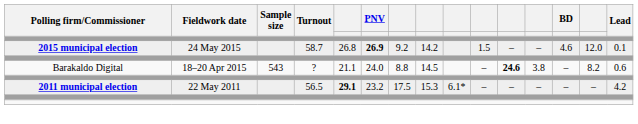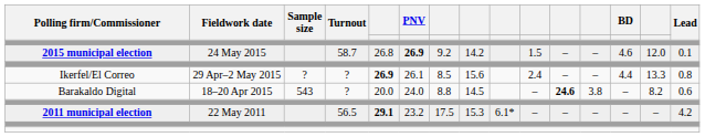 <table class="wikitable collapsible collapsed" style="text-align:center; font-size:95%; line-height:16px;">
 <tr style="height:42px;">
 <th style="width:250px;" rowspan="2">Polling firm/Commissioner</th>
 <th style="width:125px;" rowspan="2">Fieldwork date</th>
 <th style="width:50px;" rowspan="2">Sample size</th>
 <th style="width:45px;" rowspan="2">Turnout</th>
 <th style="width:35px;"></th>
 <th style="width:35px;"><a href='#'>PNV</a></th>
 <th style="width:35px;"></th>
 <th style="width:35px;"></th>
 <th style="width:35px;"></th>
 <th style="width:35px;"></th>
 <th style="width:35px;"></th>
 <th style="width:35px;"></th>
 <th style="width:35px;">BD</th>
 <th style="width:35px;"></th>
 <th style="width:30px;" rowspan="2">Lead</th>
 </tr>
 <tr>
 <th style="color:inherit;background:"></th>
 <th style="color:inherit;background:"></th>
 <th style="color:inherit;background:"></th>
 <th style="color:inherit;background:"></th>
 <th style="color:inherit;background:"></th>
 <th style="color:inherit;background:"></th>
 <th style="color:inherit;background:"></th>
 <th style="color:inherit;background:"></th>
 <th style="color:inherit;background:"></th>
 <th style="color:inherit;background:"></th>
 </tr>
 <tr>
 <td colspan="15" style="background:#A0A0A0"></td>
 </tr>
 <tr style="background:#EFEFEF;">
 <td><strong><a href='#'>2015 municipal election</a></strong></td>
 <td>24 May 2015</td>
 <td></td>
 <td>58.7</td>
 <td>26.8<br></td>
 <td><strong>26.9</strong><br></td>
 <td>9.2<br></td>
 <td>14.2<br></td>
 <td></td>
 <td>1.5<br></td>
 <td>–</td>
 <td>–</td>
 <td>4.6<br></td>
 <td>12.0<br></td>
 <td style="background:">0.1</td>
 </tr>
 <tr>
 <td colspan="15" style="background:#A0A0A0"></td>
 </tr>
 <tr>
+<td>Ikerfel/El Correo</td>
+<td>29 Apr–2 May 2015</td>
+<td>?</td>
+<td>?</td>
+<td><strong>26.9</strong><br></td>
+<td>26.1<br></td>
+<td>8.5<br></td>
+<td>15.6<br></td>
+<td></td>
+<td>2.4<br></td>
+<td>–</td>
+<td>–</td>
+<td>4.4<br></td>
+<td>13.3<br></td>
+<td style="background:">0.8</td>
+</tr>
+<tr>
 <td>Barakaldo Digital</td>
 <td>18–20 Apr 2015</td>
 <td>543</td>
 <td>?</td>
-<td>21.1</td>
+<td>20.0</td>
 <td>24.0</td>
 <td>8.8</td>
 <td>14.5</td>
 <td></td>
 <td>–</td>
 <td><strong>24.6</strong></td>
 <td>3.8</td>
 <td>–</td>
 <td>8.2</td>
 <td style="background:">0.6</td>
 </tr>
 <tr>
 <td colspan="15" style="background:#A0A0A0"></td>
 </tr>
 <tr style="background:#EFEFEF;">
 <td><strong><a href='#'>2011 municipal election</a></strong></td>
 <td>22 May 2011</td>
 <td></td>
 <td>56.5</td>
 <td><strong>29.1</strong><br></td>
 <td>23.2<br></td>
 <td>17.5<br></td>
 <td>15.3<br></td>
 <td>6.1*<br></td>
 <td>–</td>
 <td>–</td>
 <td>–</td>
 <td>–</td>
 <td>–</td>
 <td style="background:">4.2</td>
 </tr>
 <tr>
 <td colspan="15" style="background:#A0A0A0"></td>
 </tr>
 <tr>
 <td align="left" colspan="15"></td>
 </tr>
 </table>
